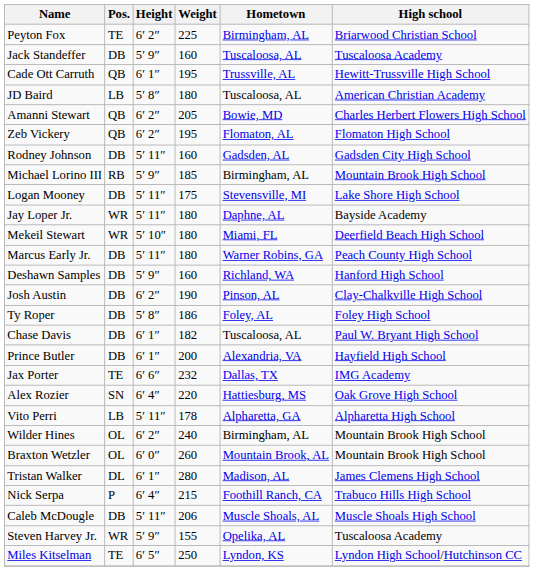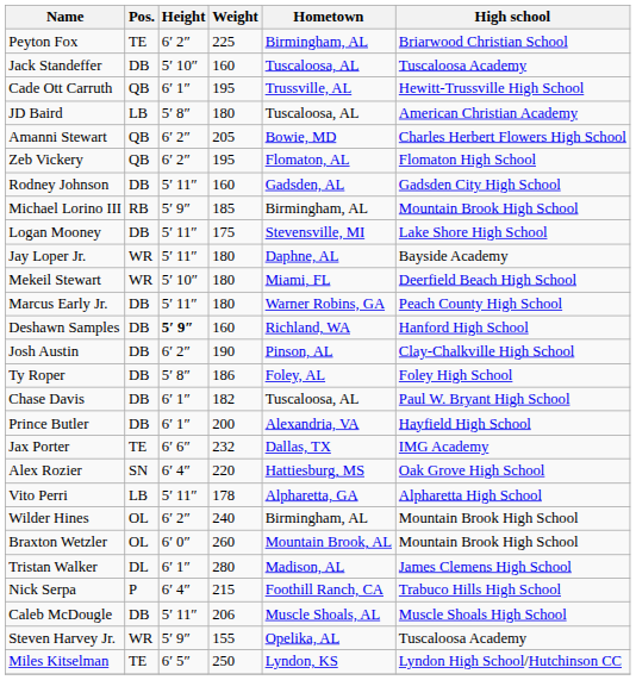 <table class="wikitable sortable">
 <tr>
 <th style="text-align:center; ">Name</th>
 <th style="text-align:center; ">Pos.</th>
 <th style="text-align:center; ">Height</th>
 <th style="text-align:center; ">Weight</th>
 <th style="text-align:center; ">Hometown</th>
 <th style="text-align:center; ">High school</th>
 </tr>
 <tr>
 <td>Peyton Fox</td>
 <td>TE</td>
 <td>6′ 2″</td>
 <td>225</td>
 <td><a href='#'>Birmingham, AL</a></td>
 <td><a href='#'>Briarwood Christian School</a></td>
 </tr>
 <tr>
 <td>Jack Standeffer</td>
 <td>DB</td>
-<td>5′ 9″</td>
+<td>5′ 10″</td>
 <td>160</td>
 <td><a href='#'>Tuscaloosa, AL</a></td>
 <td><a href='#'>Tuscaloosa Academy</a></td>
 </tr>
 <tr>
 <td>Cade Ott Carruth</td>
 <td>QB</td>
 <td>6′ 1″</td>
 <td>195</td>
 <td><a href='#'>Trussville, AL</a></td>
 <td><a href='#'>Hewitt-Trussville High School</a></td>
 </tr>
 <tr>
 <td>JD Baird</td>
 <td>LB</td>
 <td>5′ 8″</td>
 <td>180</td>
 <td>Tuscaloosa, AL</td>
 <td><a href='#'>American Christian Academy</a></td>
 </tr>
 <tr>
 <td>Amanni Stewart</td>
 <td>QB</td>
 <td>6′ 2″</td>
 <td>205</td>
 <td><a href='#'>Bowie, MD</a></td>
 <td><a href='#'>Charles Herbert Flowers High School</a></td>
 </tr>
 <tr>
 <td>Zeb Vickery</td>
 <td>QB</td>
 <td>6′ 2″</td>
 <td>195</td>
 <td><a href='#'>Flomaton, AL</a></td>
 <td><a href='#'>Flomaton High School</a></td>
 </tr>
 <tr>
 <td>Rodney Johnson</td>
 <td>DB</td>
 <td>5′ 11″</td>
 <td>160</td>
 <td><a href='#'>Gadsden, AL</a></td>
 <td><a href='#'>Gadsden City High School</a></td>
 </tr>
 <tr>
 <td>Michael Lorino III</td>
 <td>RB</td>
 <td>5′ 9″</td>
 <td>185</td>
 <td>Birmingham, AL</td>
 <td><a href='#'>Mountain Brook High School</a></td>
 </tr>
 <tr>
 <td>Logan Mooney</td>
 <td>DB</td>
 <td>5′ 11″</td>
 <td>175</td>
 <td><a href='#'>Stevensville, MI</a></td>
 <td><a href='#'>Lake Shore High School</a></td>
 </tr>
 <tr>
 <td>Jay Loper Jr.</td>
 <td>WR</td>
 <td>5′ 11″</td>
 <td>180</td>
 <td><a href='#'>Daphne, AL</a></td>
 <td>Bayside Academy</td>
 </tr>
 <tr>
 <td>Mekeil Stewart</td>
 <td>WR</td>
 <td>5′ 10″</td>
 <td>180</td>
 <td><a href='#'>Miami, FL</a></td>
 <td><a href='#'>Deerfield Beach High School</a></td>
 </tr>
 <tr>
 <td>Marcus Early Jr.</td>
 <td>DB</td>
 <td>5′ 11″</td>
 <td>180</td>
 <td><a href='#'>Warner Robins, GA</a></td>
 <td><a href='#'>Peach County High School</a></td>
 </tr>
 <tr>
 <td>Deshawn Samples</td>
 <td>DB</td>
-<td>5′ 9″</td>
+<td><strong>5′ 9″</strong></td>
 <td>160</td>
 <td><a href='#'>Richland, WA</a></td>
 <td><a href='#'>Hanford High School</a></td>
 </tr>
 <tr>
 <td>Josh Austin</td>
 <td>DB</td>
 <td>6′ 2″</td>
 <td>190</td>
 <td><a href='#'>Pinson, AL</a></td>
 <td><a href='#'>Clay-Chalkville High School</a></td>
 </tr>
 <tr>
 <td>Ty Roper</td>
 <td>DB</td>
 <td>5′ 8″</td>
 <td>186</td>
 <td><a href='#'>Foley, AL</a></td>
 <td><a href='#'>Foley High School</a></td>
 </tr>
 <tr>
 <td>Chase Davis</td>
 <td>DB</td>
 <td>6′ 1″</td>
 <td>182</td>
 <td>Tuscaloosa, AL</td>
 <td><a href='#'>Paul W. Bryant High School</a></td>
 </tr>
 <tr>
 <td>Prince Butler</td>
 <td>DB</td>
 <td>6′ 1″</td>
 <td>200</td>
 <td><a href='#'>Alexandria, VA</a></td>
 <td><a href='#'>Hayfield High School</a></td>
 </tr>
 <tr>
 <td>Jax Porter</td>
 <td>TE</td>
 <td>6′ 6″</td>
 <td>232</td>
 <td><a href='#'>Dallas, TX</a></td>
 <td><a href='#'>IMG Academy</a></td>
 </tr>
 <tr>
 <td>Alex Rozier</td>
 <td>SN</td>
 <td>6′ 4″</td>
 <td>220</td>
 <td><a href='#'>Hattiesburg, MS</a></td>
 <td><a href='#'>Oak Grove High School</a></td>
 </tr>
 <tr>
 <td>Vito Perri</td>
 <td>LB</td>
 <td>5′ 11″</td>
 <td>178</td>
 <td><a href='#'>Alpharetta, GA</a></td>
 <td><a href='#'>Alpharetta High School</a></td>
 </tr>
 <tr>
 <td>Wilder Hines</td>
 <td>OL</td>
 <td>6′ 2″</td>
 <td>240</td>
 <td>Birmingham, AL</td>
 <td>Mountain Brook High School</td>
 </tr>
 <tr>
 <td>Braxton Wetzler</td>
 <td>OL</td>
 <td>6′ 0″</td>
 <td>260</td>
 <td><a href='#'>Mountain Brook, AL</a></td>
 <td>Mountain Brook High School</td>
 </tr>
 <tr>
 <td>Tristan Walker</td>
 <td>DL</td>
 <td>6′ 1″</td>
 <td>280</td>
 <td><a href='#'>Madison, AL</a></td>
 <td><a href='#'>James Clemens High School</a></td>
 </tr>
 <tr>
 <td>Nick Serpa</td>
 <td>P</td>
 <td>6′ 4″</td>
 <td>215</td>
 <td><a href='#'>Foothill Ranch, CA</a></td>
 <td><a href='#'>Trabuco Hills High School</a></td>
 </tr>
 <tr>
 <td>Caleb McDougle</td>
 <td>DB</td>
 <td>5′ 11″</td>
 <td>206</td>
 <td><a href='#'>Muscle Shoals, AL</a></td>
 <td><a href='#'>Muscle Shoals High School</a></td>
 </tr>
 <tr>
 <td>Steven Harvey Jr.</td>
 <td>WR</td>
 <td>5′ 9″</td>
 <td>155</td>
 <td><a href='#'>Opelika, AL</a></td>
 <td>Tuscaloosa Academy</td>
 </tr>
 <tr>
 <td><a href='#'>Miles Kitselman</a></td>
 <td>TE</td>
 <td>6′ 5″</td>
 <td>250</td>
 <td><a href='#'>Lyndon, KS</a></td>
 <td><a href='#'>Lyndon High School</a>/<a href='#'>Hutchinson CC</a></td>
 </tr>
 <tr>
 </tr>
 </table>
